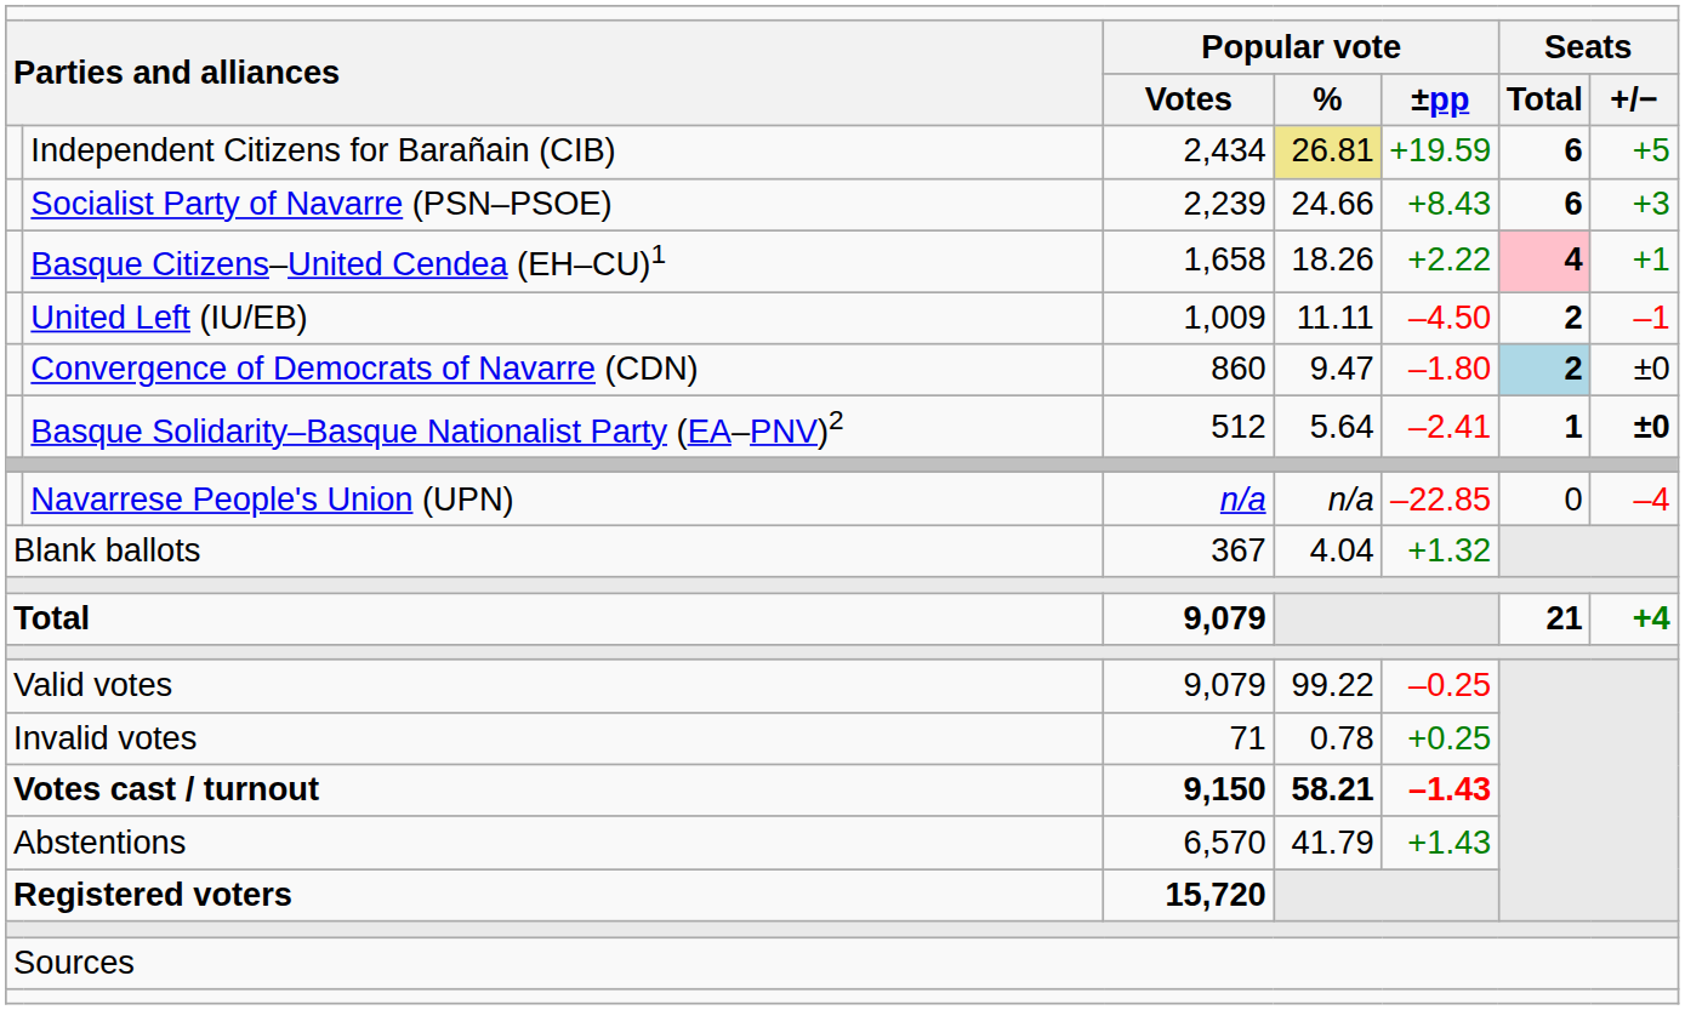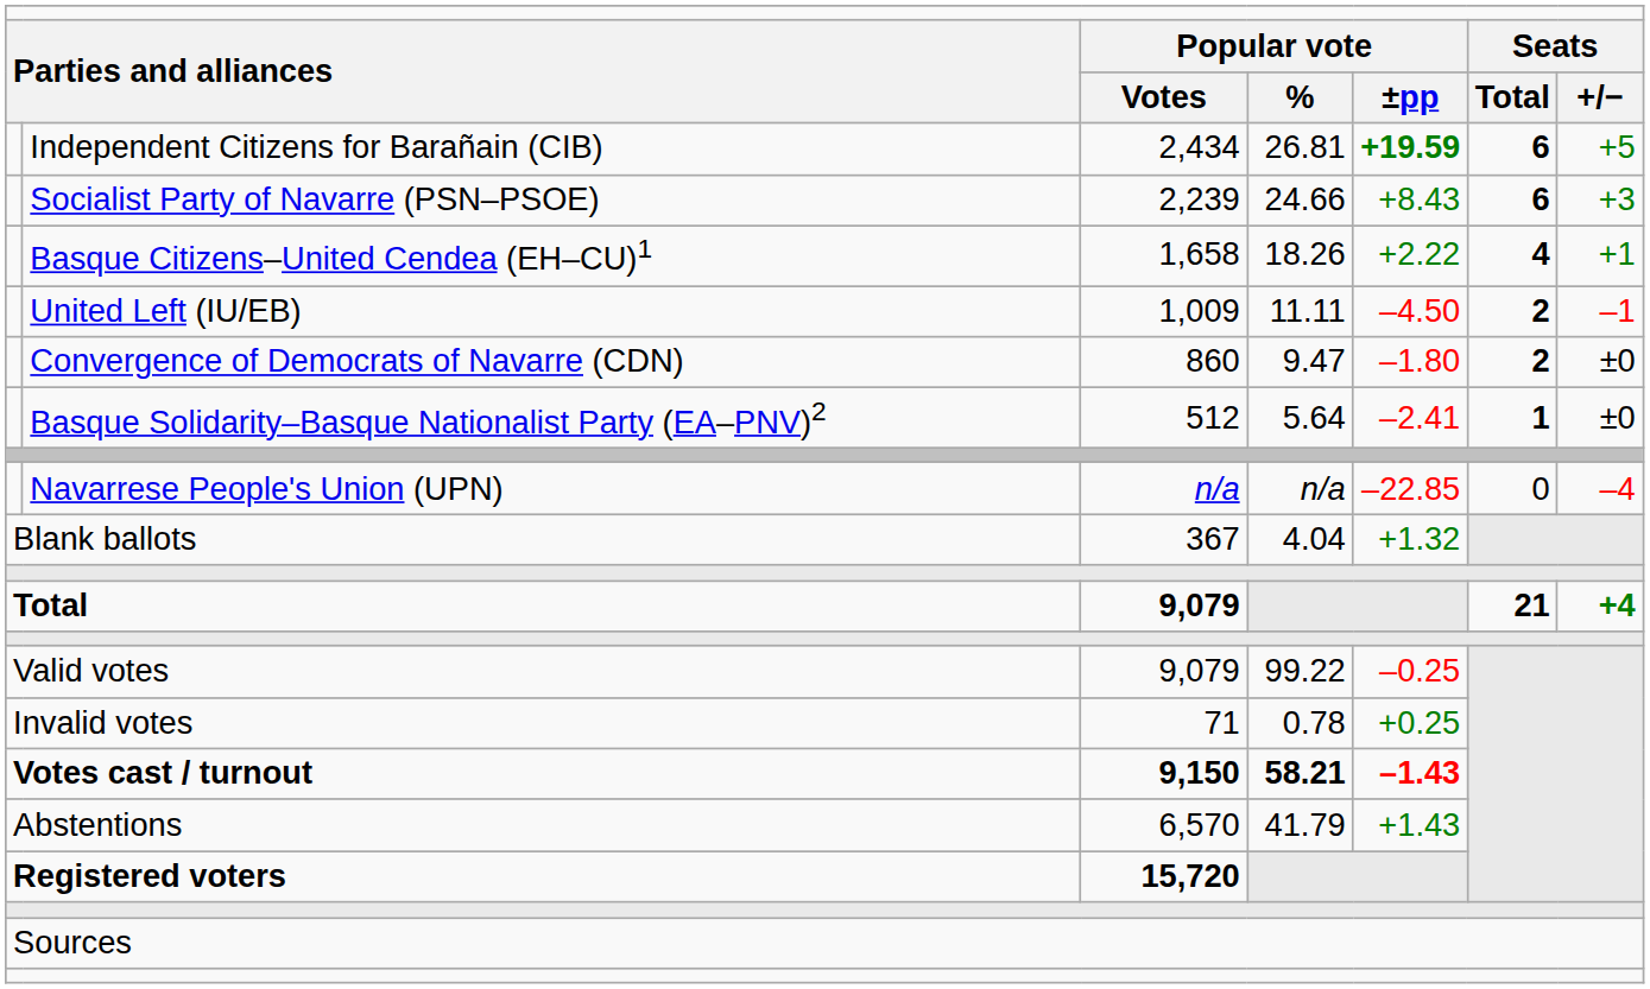 <table class="wikitable" style="text-align:right;">
 <tr>
 <td colspan="7"></td>
 </tr>
 <tr>
 <th style="text-align:left;" rowspan="2" colspan="2" width="525">Parties and alliances</th>
 <th colspan="3">Popular vote</th>
 <th colspan="2">Seats</th>
 </tr>
 <tr>
 <th width="75">Votes</th>
 <th width="45">%</th>
 <th width="45">±<a href='#'>pp</a></th>
 <th width="35">Total</th>
 <th width="35">+/−</th>
 </tr>
 <tr>
 <td width="1" style="color:inherit;background:"></td>
 <td align="left">Independent Citizens for Barañain (CIB)</td>
 <td>2,434</td>
-<td style="background: khaki;">26.81</td>
-<td style="color:green;">+19.59</td>
+<td>26.81</td>
+<td style="color:green;"><strong>+19.59</strong></td>
 <td><strong>6</strong></td>
 <td style="color:green;">+5</td>
 </tr>
 <tr>
 <td style="color:inherit;background:"></td>
 <td align="left"><a href='#'>Socialist Party of Navarre</a> (PSN–PSOE)</td>
 <td>2,239</td>
 <td>24.66</td>
 <td style="color:green;">+8.43</td>
 <td><strong>6</strong></td>
 <td style="color:green;">+3</td>
 </tr>
 <tr>
 <td style="color:inherit;background:"></td>
 <td align="left"><a href='#'>Basque Citizens</a>–<a href='#'>United Cendea</a> (EH–CU)<sup>1</sup></td>
 <td>1,658</td>
 <td>18.26</td>
 <td style="color:green;">+2.22</td>
-<td style="background: pink;"><strong>4</strong></td>
+<td><strong>4</strong></td>
 <td style="color:green;">+1</td>
 </tr>
 <tr>
 <td style="color:inherit;background:"></td>
 <td align="left"><a href='#'>United Left</a> (IU/EB)</td>
 <td>1,009</td>
 <td>11.11</td>
 <td style="color:red;">–4.50</td>
 <td><strong>2</strong></td>
 <td style="color:red;">–1</td>
 </tr>
 <tr>
 <td style="color:inherit;background:"></td>
 <td align="left"><a href='#'>Convergence of Democrats of Navarre</a> (CDN)</td>
 <td>860</td>
 <td>9.47</td>
 <td style="color:red;">–1.80</td>
-<td style="background: lightblue;"><strong>2</strong></td>
+<td><strong>2</strong></td>
 <td>±0</td>
 </tr>
 <tr>
 <td style="color:inherit;background:"></td>
 <td align="left"><a href='#'>Basque Solidarity–Basque Nationalist Party</a> (<a href='#'>EA</a>–<a href='#'>PNV</a>)<sup>2</sup></td>
 <td>512</td>
 <td>5.64</td>
 <td style="color:red;">–2.41</td>
 <td><strong>1</strong></td>
-<td><strong>±0</strong></td>
+<td>±0</td>
 </tr>
 <tr>
 <td colspan="7" bgcolor="#C0C0C0"></td>
 </tr>
 <tr>
 <td style="color:inherit;background:"></td>
 <td align="left"><a href='#'>Navarrese People's Union</a> (UPN)</td>
 <td><em><a href='#'>n/a</a></em></td>
 <td><em>n/a</em></td>
 <td style="color:red;">–22.85</td>
 <td>0</td>
 <td style="color:red;">–4</td>
 </tr>
 <tr>
 <td align="left" colspan="2">Blank ballots</td>
 <td>367</td>
 <td>4.04</td>
 <td style="color:green;">+1.32</td>
 <td bgcolor="#E9E9E9" colspan="2"></td>
 </tr>
 <tr>
 <td colspan="7" bgcolor="#E9E9E9"></td>
 </tr>
 <tr style="font-weight:bold;">
 <td align="left" colspan="2">Total</td>
 <td>9,079</td>
 <td bgcolor="#E9E9E9" colspan="2"></td>
 <td>21</td>
 <td style="color:green;">+4</td>
 </tr>
 <tr>
 <td colspan="7" bgcolor="#E9E9E9"></td>
 </tr>
 <tr>
 <td align="left" colspan="2">Valid votes</td>
 <td>9,079</td>
 <td>99.22</td>
 <td style="color:red;">–0.25</td>
 <td bgcolor="#E9E9E9" colspan="2" rowspan="5"></td>
 </tr>
 <tr>
 <td align="left" colspan="2">Invalid votes</td>
 <td>71</td>
 <td>0.78</td>
 <td style="color:green;">+0.25</td>
 </tr>
 <tr style="font-weight:bold;">
 <td align="left" colspan="2">Votes cast / turnout</td>
 <td>9,150</td>
 <td>58.21</td>
 <td style="color:red;">–1.43</td>
 </tr>
 <tr>
 <td align="left" colspan="2">Abstentions</td>
 <td>6,570</td>
 <td>41.79</td>
 <td style="color:green;">+1.43</td>
 </tr>
 <tr style="font-weight:bold;">
 <td align="left" colspan="2">Registered voters</td>
 <td>15,720</td>
 <td bgcolor="#E9E9E9" colspan="2"></td>
 </tr>
 <tr>
 <td colspan="7" bgcolor="#E9E9E9"></td>
 </tr>
 <tr>
 <td align="left" colspan="7">Sources</td>
 </tr>
 <tr>
 <td colspan="7" style="text-align:left; max-width:790px;"></td>
 </tr>
 </table>
